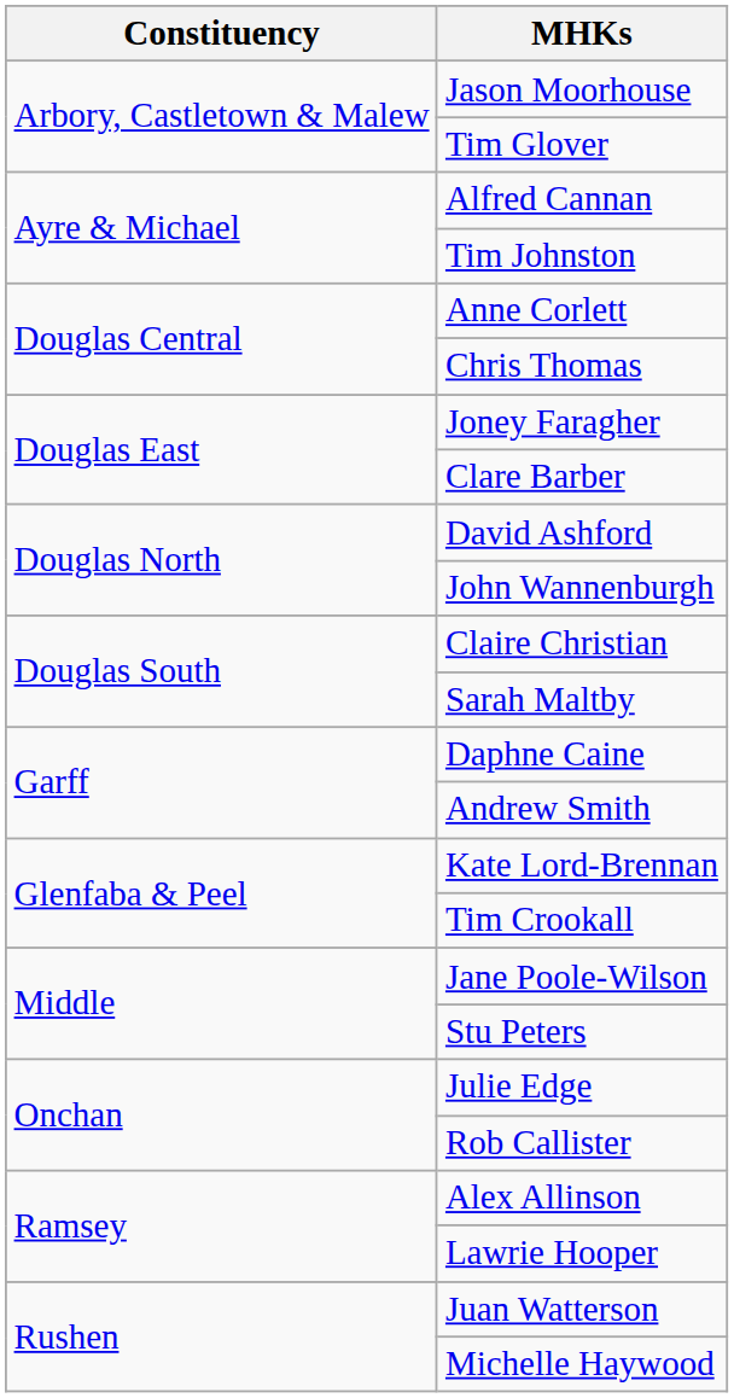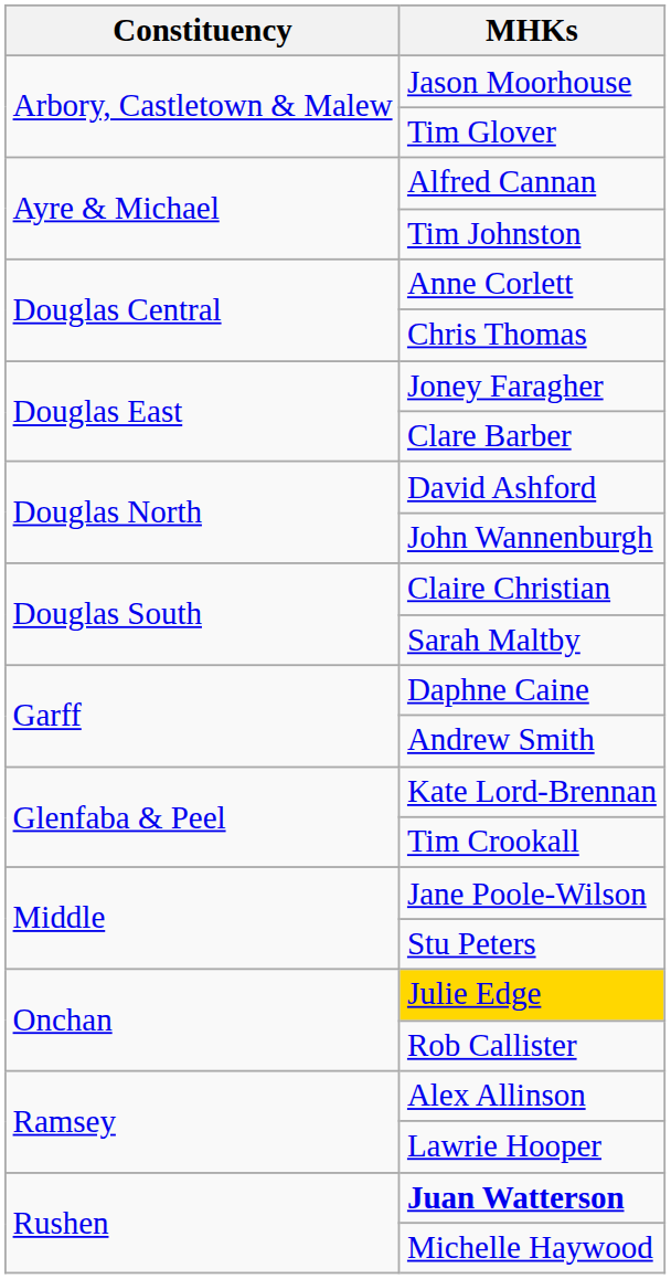 <table class="wikitable sortable">
 <tr>
 <th>Constituency</th>
 <th><abbr>MHKs</abbr></th>
 </tr>
 <tr>
 <td rowspan="2"><a href='#'>Arbory, Castletown & Malew</a></td>
 <td><a href='#'>Jason Moorhouse</a></td>
 </tr>
 <tr>
 <td><a href='#'>Tim Glover</a></td>
 </tr>
 <tr>
 <td rowspan="2"><a href='#'>Ayre & Michael</a></td>
 <td><a href='#'>Alfred Cannan</a></td>
 </tr>
 <tr>
 <td><a href='#'>Tim Johnston</a></td>
 </tr>
 <tr>
 <td rowspan="2"><a href='#'>Douglas Central</a></td>
 <td><a href='#'>Anne Corlett</a></td>
 </tr>
 <tr>
 <td><a href='#'>Chris Thomas</a></td>
 </tr>
 <tr>
 <td rowspan="2"><a href='#'>Douglas East</a></td>
 <td><a href='#'>Joney Faragher</a></td>
 </tr>
 <tr>
 <td><a href='#'>Clare Barber</a></td>
 </tr>
 <tr>
 <td rowspan="2"><a href='#'>Douglas North</a></td>
 <td><a href='#'>David Ashford</a></td>
 </tr>
 <tr>
 <td><a href='#'>John Wannenburgh</a></td>
 </tr>
 <tr>
 <td rowspan="2"><a href='#'>Douglas South</a></td>
 <td><a href='#'>Claire Christian</a></td>
 </tr>
 <tr>
 <td><a href='#'>Sarah Maltby</a></td>
 </tr>
 <tr>
 <td rowspan="2"><a href='#'>Garff</a></td>
 <td><a href='#'>Daphne Caine</a></td>
 </tr>
 <tr>
 <td><a href='#'>Andrew Smith</a></td>
 </tr>
 <tr>
 <td rowspan="2"><a href='#'>Glenfaba & Peel</a></td>
 <td><a href='#'>Kate Lord-Brennan</a></td>
 </tr>
 <tr>
 <td><a href='#'>Tim Crookall</a></td>
 </tr>
 <tr>
 <td rowspan="2"><a href='#'>Middle</a></td>
 <td><a href='#'>Jane Poole-Wilson</a></td>
 </tr>
 <tr>
 <td><a href='#'>Stu Peters</a></td>
 </tr>
 <tr>
 <td rowspan="2"><a href='#'>Onchan</a></td>
-<td><a href='#'>Julie Edge</a></td>
+<td style="background: gold;"><a href='#'>Julie Edge</a></td>
 </tr>
 <tr>
 <td><a href='#'>Rob Callister</a></td>
 </tr>
 <tr>
 <td rowspan="2"><a href='#'>Ramsey</a></td>
 <td><a href='#'>Alex Allinson</a></td>
 </tr>
 <tr>
 <td><a href='#'>Lawrie Hooper</a></td>
 </tr>
 <tr>
 <td rowspan="2"><a href='#'>Rushen</a></td>
-<td><a href='#'>Juan Watterson</a></td>
+<td><strong><a href='#'>Juan Watterson</a></strong></td>
 </tr>
 <tr>
 <td><a href='#'>Michelle Haywood</a></td>
 </tr>
 </table>
